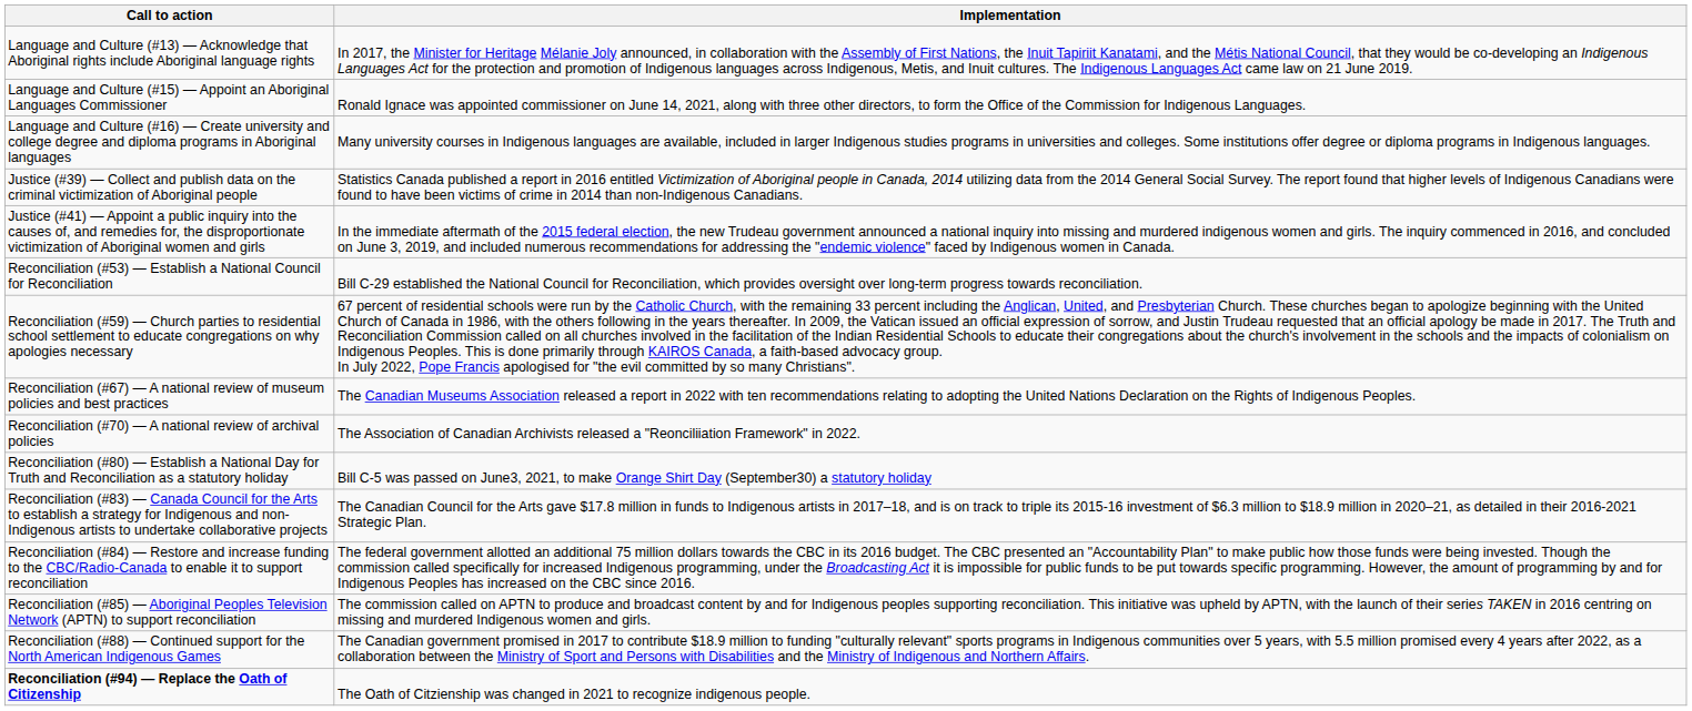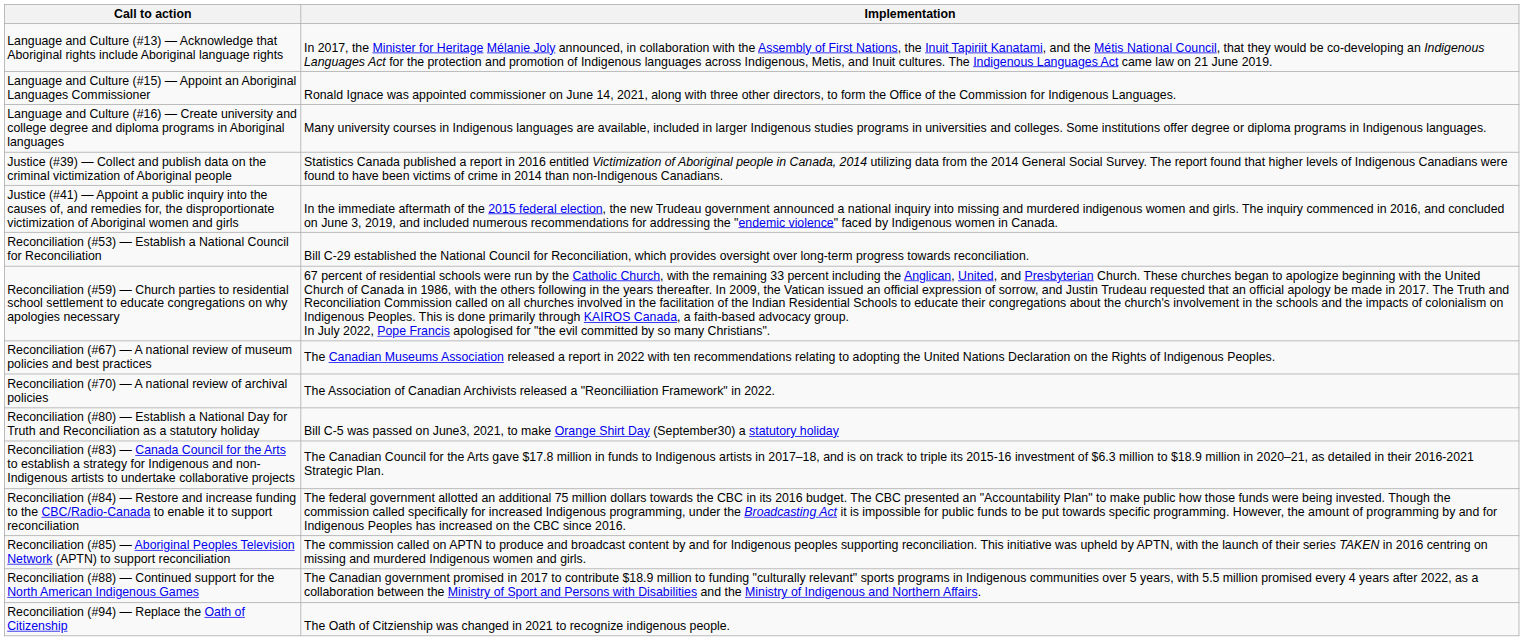 <table class="wikitable">
 <tr>
 <th>Call to action</th>
 <th>Implementation</th>
 </tr>
 <tr>
 <td>Language and Culture (#13) — Acknowledge that Aboriginal rights include Aboriginal language rights</td>
 <td><br>In 2017, the <a href='#'>Minister for Heritage</a> <a href='#'>Mélanie Joly</a> announced, in collaboration with the <a href='#'>Assembly of First Nations</a>, the <a href='#'>Inuit Tapiriit Kanatami</a>, and the <a href='#'>Métis National Council</a>, that they would be co-developing an <em>Indigenous Languages Act</em> for the protection and promotion of Indigenous languages across Indigenous, Metis, and Inuit cultures. The <a href='#'>Indigenous Languages Act</a> came law on 21 June 2019.</td>
 </tr>
 <tr>
 <td>Language and Culture (#15) — Appoint an Aboriginal Languages Commissioner</td>
 <td><br>Ronald Ignace was appointed commissioner on June 14, 2021, along with three other directors, to form the Office of the Commission for Indigenous Languages.</td>
 </tr>
 <tr>
 <td>Language and Culture (#16) — Create university and college degree and diploma programs in Aboriginal languages</td>
 <td>Many university courses in Indigenous languages are available, included in larger Indigenous studies programs in universities and colleges. Some institutions offer degree or diploma programs in Indigenous languages.</td>
 </tr>
 <tr>
 <td>Justice (#39) — Collect and publish data on the criminal victimization of Aboriginal people</td>
 <td>Statistics Canada published a report in 2016 entitled <em>Victimization of Aboriginal people in Canada, 2014</em> utilizing data from the 2014 General Social Survey. The report found that higher levels of Indigenous Canadians were found to have been victims of crime in 2014 than non-Indigenous Canadians.</td>
 </tr>
 <tr>
 <td>Justice (#41) — Appoint a public inquiry into the causes of, and remedies for, the disproportionate victimization of Aboriginal women and girls</td>
 <td><br>In the immediate aftermath of the <a href='#'>2015 federal election</a>, the new Trudeau government announced a national inquiry into missing and murdered indigenous women and girls. The inquiry commenced in 2016, and concluded on June 3, 2019, and included numerous recommendations for addressing the "<a href='#'>endemic violence</a>" faced by Indigenous women in Canada.</td>
 </tr>
 <tr>
 <td>Reconciliation (#53) — Establish a National Council for Reconciliation</td>
 <td><br>Bill C-29 established the National Council for Reconciliation, which provides oversight over long-term progress towards reconciliation.</td>
 </tr>
 <tr>
 <td>Reconciliation (#59) — Church parties to residential school settlement to educate congregations on why apologies necessary</td>
 <td>67 percent of residential schools were run by the <a href='#'>Catholic Church</a>, with the remaining 33 percent including the <a href='#'>Anglican</a>, <a href='#'>United</a>, and <a href='#'>Presbyterian</a> Church. These churches began to apologize beginning with the United Church of Canada in 1986, with the others following in the years thereafter. In 2009, the Vatican issued an official expression of sorrow, and Justin Trudeau requested that an official apology be made in 2017. The Truth and Reconciliation Commission called on all churches involved in the facilitation of the Indian Residential Schools to educate their congregations about the church's involvement in the schools and the impacts of colonialism on Indigenous Peoples. This is done primarily through <a href='#'>KAIROS Canada</a>, a faith-based advocacy group.<br>In July 2022, <a href='#'>Pope Francis</a> apologised for "the evil committed by so many Christians".</td>
 </tr>
 <tr>
 <td>Reconciliation (#67) — A national review of museum policies and best practices</td>
 <td>The <a href='#'>Canadian Museums Association</a> released a report in 2022 with ten recommendations relating to adopting the United Nations Declaration on the Rights of Indigenous Peoples.</td>
 </tr>
 <tr>
 <td>Reconciliation (#70) — A national review of archival policies</td>
 <td>The Association of Canadian Archivists released a "Reonciliiation Framework" in 2022.</td>
 </tr>
 <tr>
 <td>Reconciliation (#80) — Establish a National Day for Truth and Reconciliation as a statutory holiday</td>
 <td><br>Bill C-5 was passed on June3, 2021, to make <a href='#'>Orange Shirt Day</a> (September30) a <a href='#'>statutory holiday</a></td>
 </tr>
 <tr>
 <td>Reconciliation (#83) — <a href='#'>Canada Council for the Arts</a> to establish a strategy for Indigenous and non-Indigenous artists to undertake collaborative projects</td>
 <td>The Canadian Council for the Arts gave $17.8 million in funds to Indigenous artists in 2017–18, and is on track to triple its 2015-16 investment of $6.3 million to $18.9 million in 2020–21, as detailed in their 2016-2021 Strategic Plan.</td>
 </tr>
 <tr>
 <td>Reconciliation (#84) — Restore and increase funding to the <a href='#'>CBC/Radio-Canada</a> to enable it to support reconciliation</td>
 <td>The federal government allotted an additional 75 million dollars towards the CBC in its 2016 budget. The CBC presented an "Accountability Plan" to make public how those funds were being invested. Though the commission called specifically for increased Indigenous programming, under the <em><a href='#'>Broadcasting Act</a></em> it is impossible for public funds to be put towards specific programming. However, the amount of programming by and for Indigenous Peoples has increased on the CBC since 2016.</td>
 </tr>
 <tr>
 <td>Reconciliation (#85) — <a href='#'>Aboriginal Peoples Television Network</a> (APTN) to support reconciliation</td>
 <td>The commission called on APTN to produce and broadcast content by and for Indigenous peoples supporting reconciliation. This initiative was upheld by APTN, with the launch of their serie<em>s TAKEN</em> in 2016 centring on missing and murdered Indigenous women and girls.</td>
 </tr>
 <tr>
 <td>Reconciliation (#88) — Continued support for the <a href='#'>North American Indigenous Games</a></td>
 <td>The Canadian government promised in 2017 to contribute $18.9 million to funding "culturally relevant" sports programs in Indigenous communities over 5 years, with 5.5 million promised every 4 years after 2022, as a collaboration between the <a href='#'>Ministry of Sport and Persons with Disabilities</a> and the <a href='#'>Ministry of Indigenous and Northern Affairs</a>.</td>
 </tr>
 <tr>
-<td><strong>Reconciliation (#94) — Replace the <a href='#'>Oath of Citizenship</a></strong></td>
+<td>Reconciliation (#94) — Replace the <a href='#'>Oath of Citizenship</a></td>
 <td><br>The Oath of Citzienship was changed in 2021 to recognize indigenous people.</td>
 </tr>
 </table>
